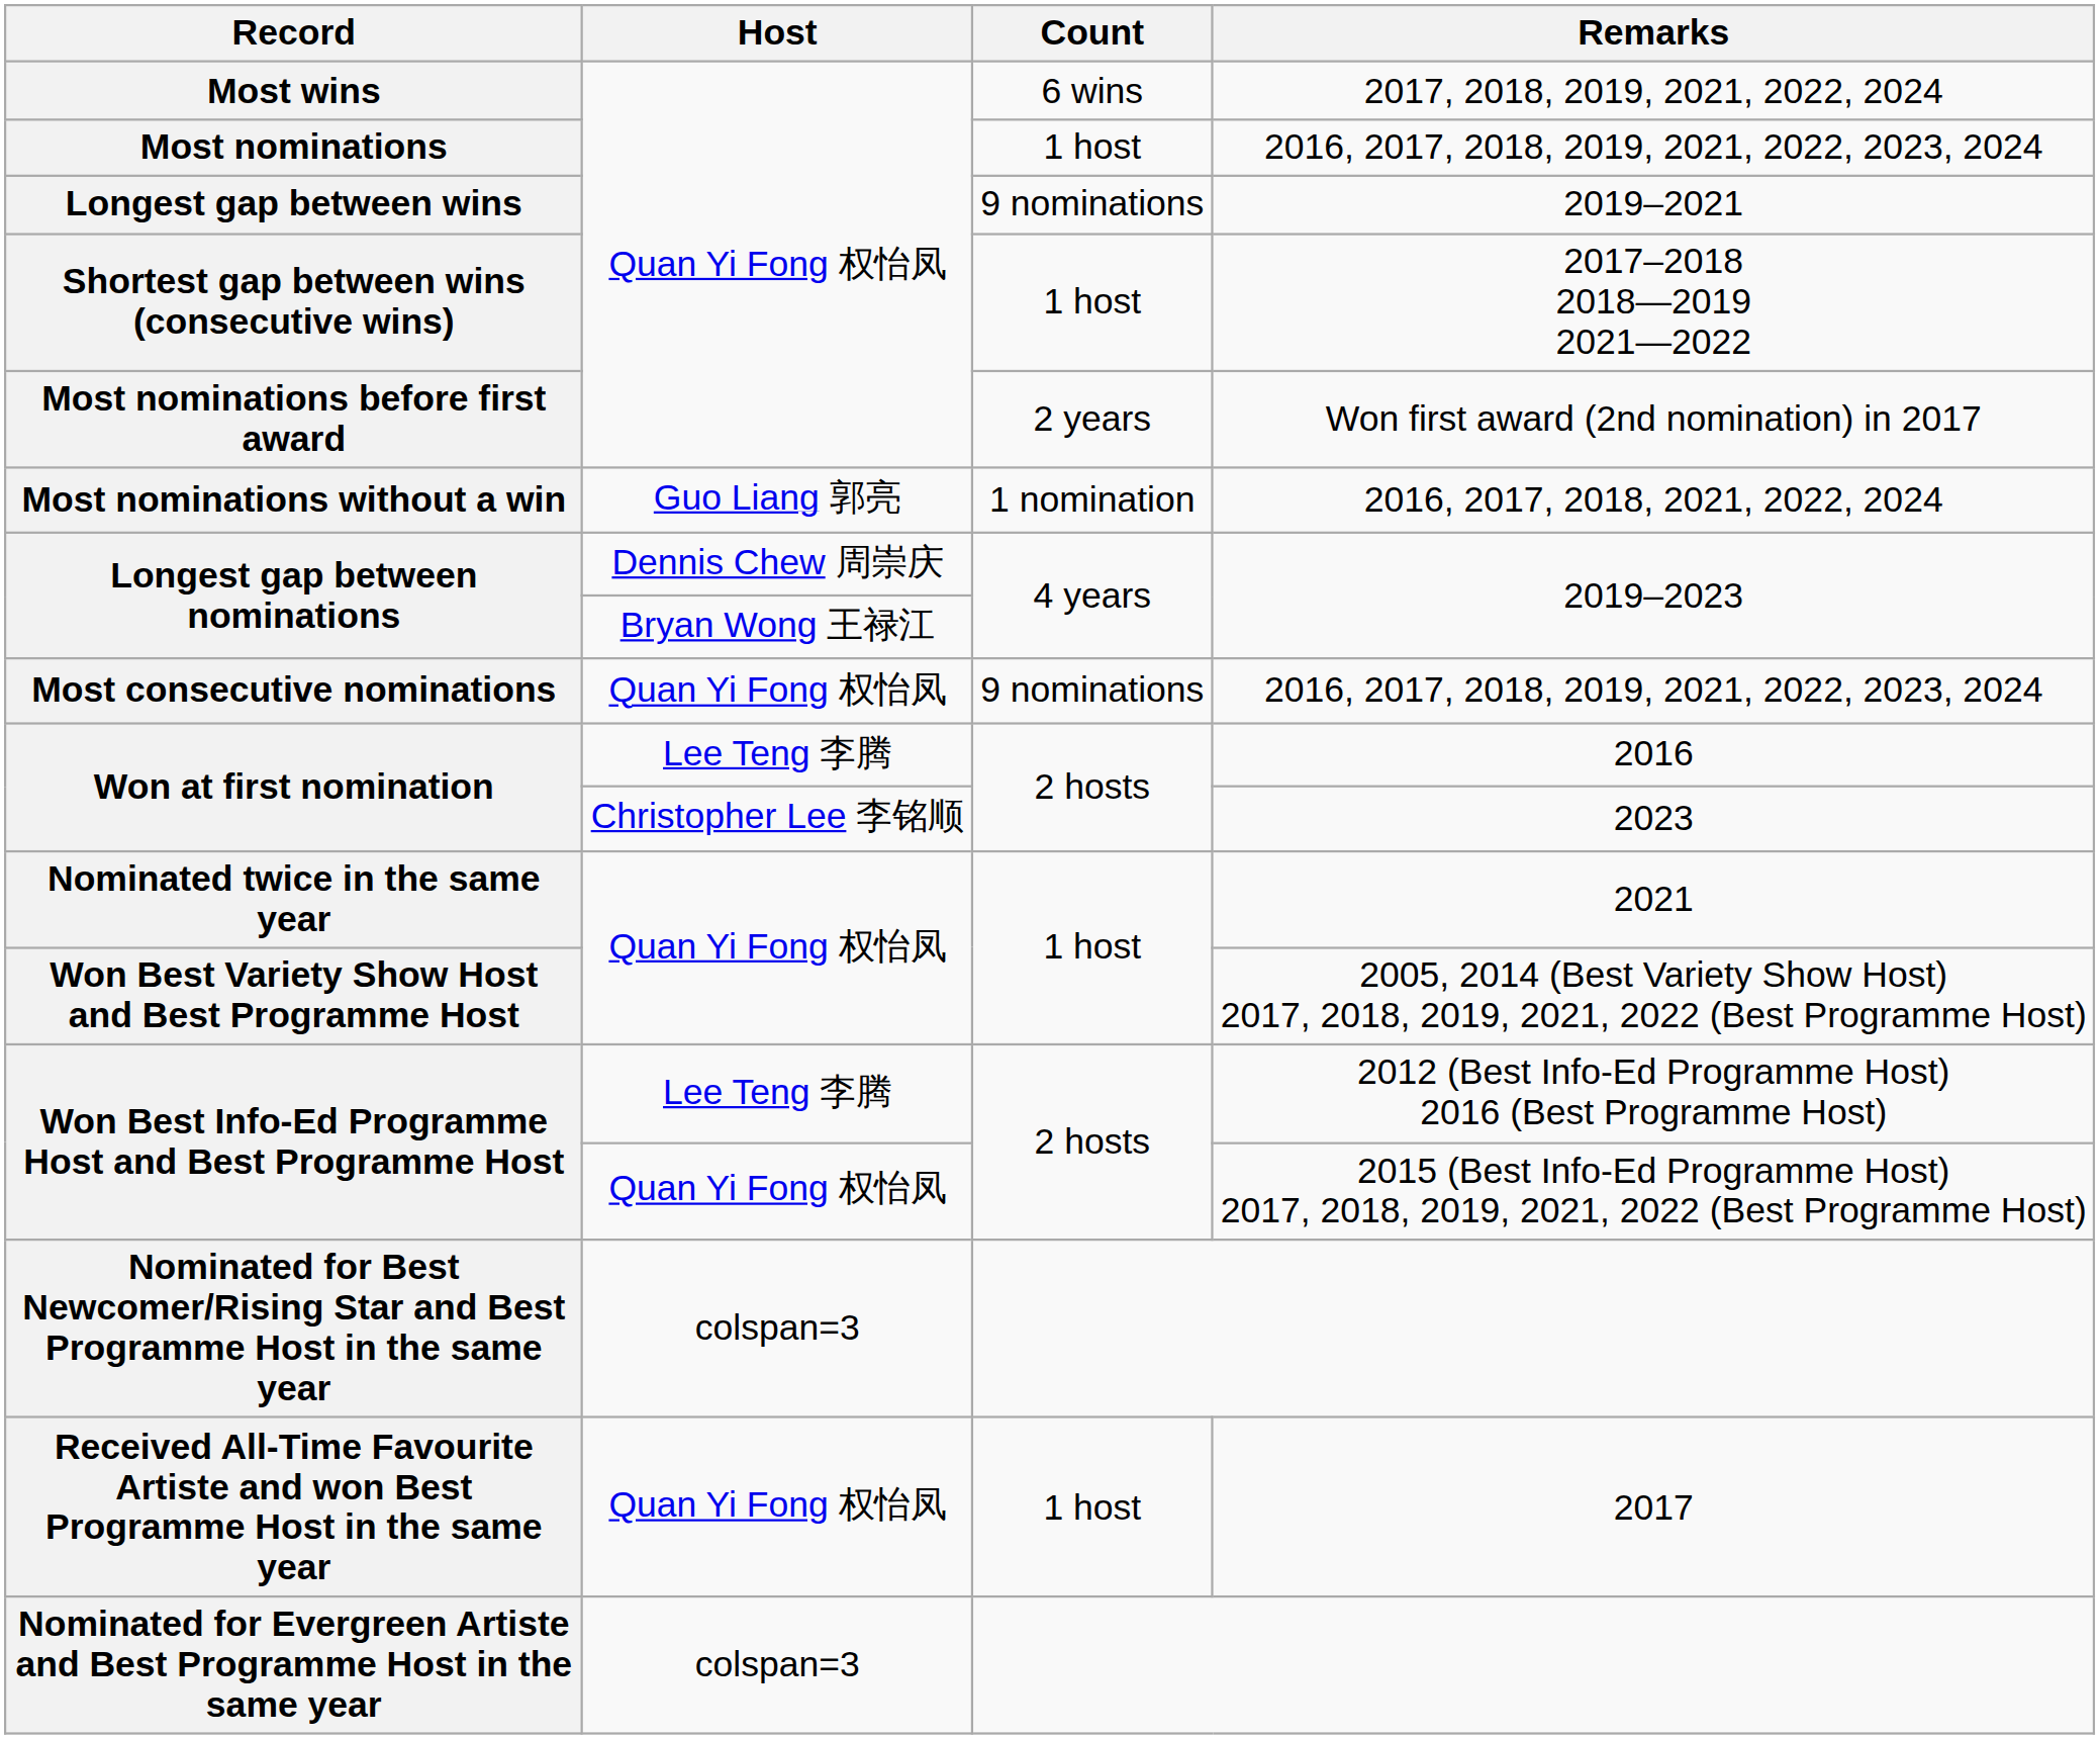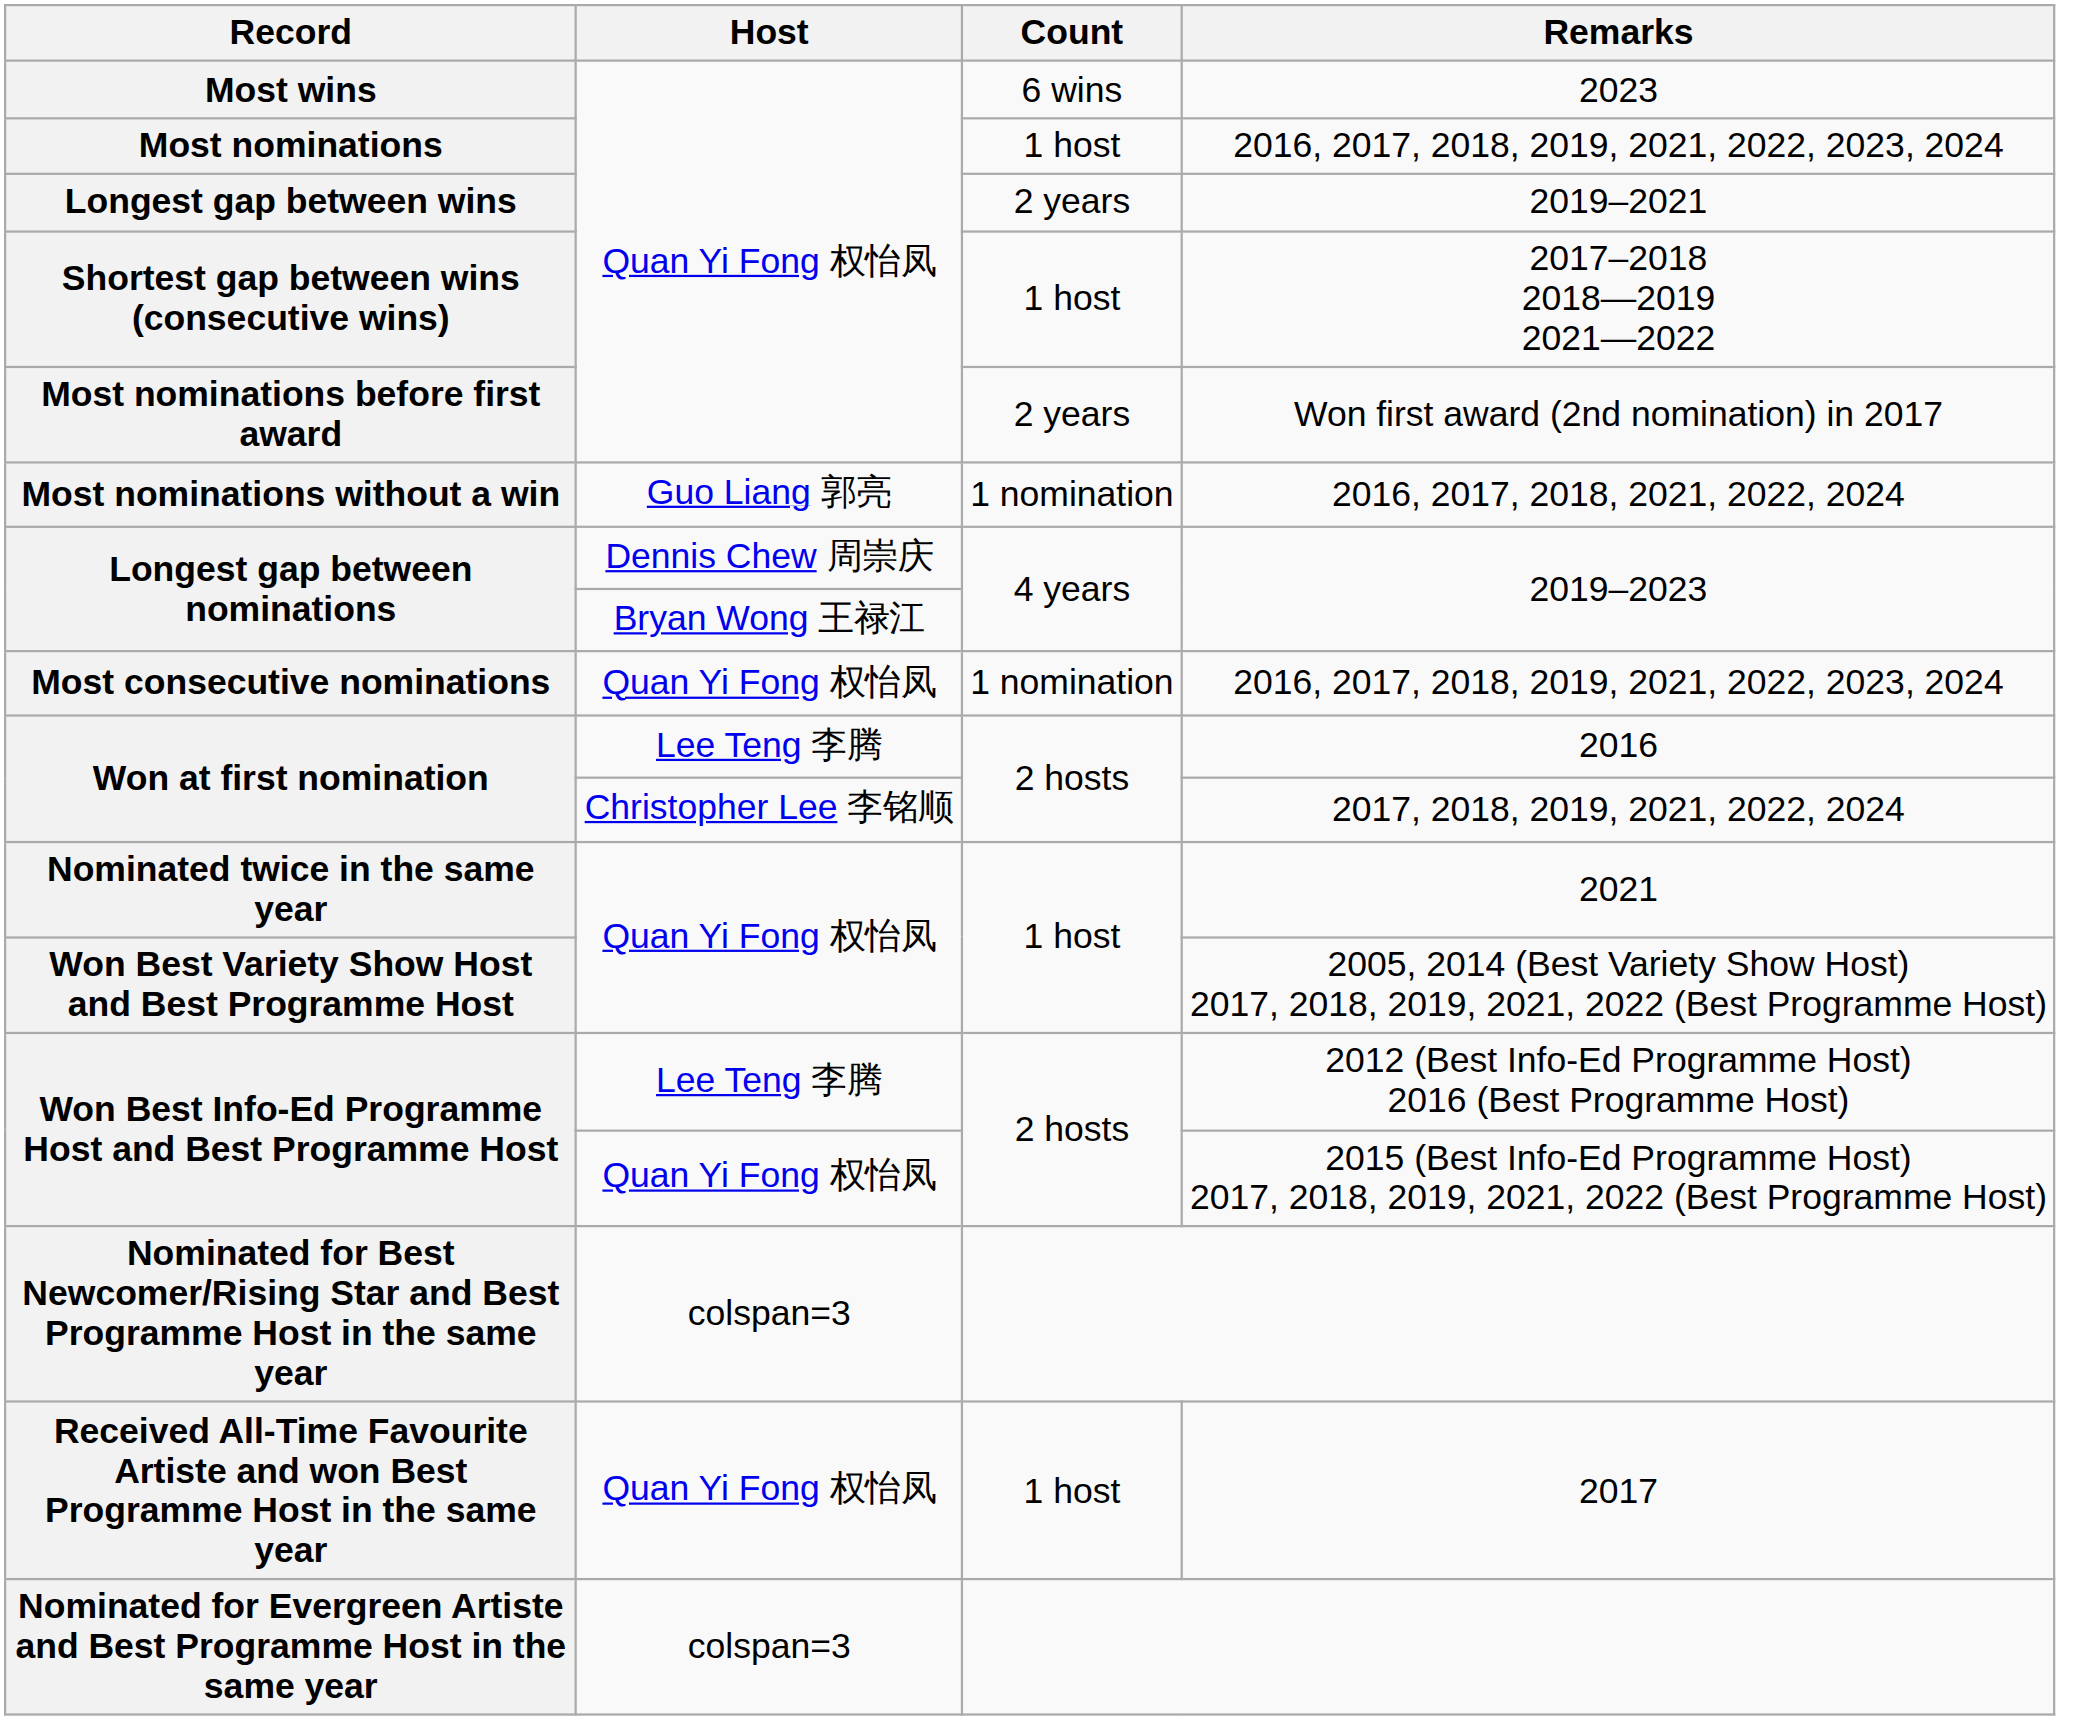 <table class="wikitable" style="text-align: center;">
 <tr>
 <th width=250 scope="col">Record</th>
 <th scope="col">Host</th>
 <th scope="col">Count</th>
 <th scope="col">Remarks</th>
 </tr>
 <tr>
 <th>Most wins</th>
 <td rowspan=5><a href='#'>Quan Yi Fong</a> 权怡凤</td>
 <td>6 wins</td>
-<td>2017, 2018, 2019, 2021, 2022, 2024</td>
+<td>2023</td>
 </tr>
 <tr>
 <th>Most nominations</th>
 <td>1 host</td>
 <td>2016, 2017, 2018, 2019, 2021, 2022, 2023, 2024</td>
 </tr>
 <tr>
 <th>Longest gap between wins</th>
-<td>9 nominations</td>
+<td>2 years</td>
 <td>2019–2021</td>
 </tr>
 <tr>
 <th>Shortest gap between wins<br>(consecutive wins)</th>
 <td>1 host</td>
 <td>2017–2018<br>2018—2019<br>2021—2022</td>
 </tr>
 <tr>
 <th>Most nominations before first award</th>
 <td>2 years</td>
 <td>Won first award (2nd nomination) in 2017</td>
 </tr>
 <tr>
 <th>Most nominations without a win</th>
 <td><a href='#'>Guo Liang</a> 郭亮</td>
 <td>1 nomination</td>
 <td>2016, 2017, 2018, 2021, 2022, 2024</td>
 </tr>
 <tr>
 <th rowspan=2>Longest gap between nominations</th>
 <td><a href='#'>Dennis Chew</a> 周崇庆</td>
 <td rowspan=2>4 years</td>
 <td rowspan=2>2019–2023</td>
 </tr>
 <tr>
 <td><a href='#'>Bryan Wong</a> 王禄江</td>
 </tr>
 <tr>
 <th>Most consecutive nominations</th>
 <td><a href='#'>Quan Yi Fong</a> 权怡凤</td>
-<td>9 nominations</td>
+<td>1 nomination</td>
 <td>2016, 2017, 2018, 2019, 2021, 2022, 2023, 2024</td>
 </tr>
 <tr>
 <th rowspan=2>Won at first nomination</th>
 <td><a href='#'>Lee Teng</a> 李腾</td>
 <td rowspan=2>2 hosts</td>
 <td>2016</td>
 </tr>
 <tr>
 <td><a href='#'>Christopher Lee</a> 李铭顺</td>
-<td>2023</td>
+<td>2017, 2018, 2019, 2021, 2022, 2024</td>
 </tr>
 <tr>
 <th>Nominated twice in the same year</th>
 <td rowspan=2><a href='#'>Quan Yi Fong</a> 权怡凤</td>
 <td rowspan=2>1 host</td>
 <td>2021</td>
 </tr>
 <tr>
 <th>Won Best Variety Show Host and Best Programme Host</th>
 <td>2005, 2014 (Best Variety Show Host)<br>2017, 2018, 2019, 2021, 2022 (Best Programme Host)</td>
 </tr>
 <tr>
 <th rowspan=2>Won Best Info-Ed Programme Host and Best Programme Host</th>
 <td><a href='#'>Lee Teng</a> 李腾</td>
 <td rowspan=2>2 hosts</td>
 <td>2012 (Best Info-Ed Programme Host)<br>2016 (Best Programme Host)</td>
 </tr>
 <tr>
 <td><a href='#'>Quan Yi Fong</a> 权怡凤</td>
 <td>2015 (Best Info-Ed Programme Host)<br>2017, 2018, 2019, 2021, 2022 (Best Programme Host)</td>
 </tr>
 <tr>
 <th>Nominated for Best Newcomer/Rising Star and Best Programme Host in the same year</th>
 <td>colspan=3 </td>
 </tr>
 <tr>
 <th>Received All-Time Favourite Artiste and won Best Programme Host in the same year</th>
 <td><a href='#'>Quan Yi Fong</a> 权怡凤</td>
 <td>1 host</td>
 <td>2017</td>
 </tr>
 <tr>
 <th rowspan=4>Nominated for Evergreen Artiste and Best Programme Host in the same year</th>
 <td>colspan=3 </td>
 </tr>
 </table>
